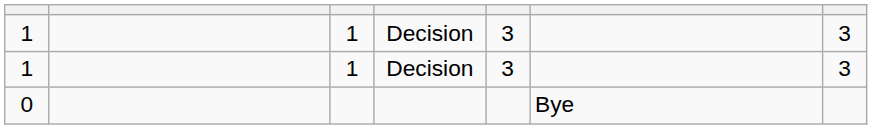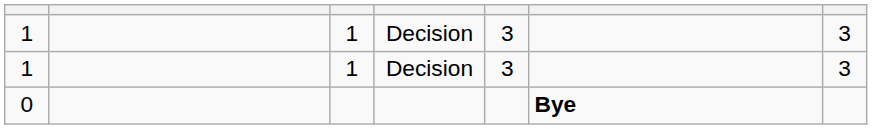 <table class="wikitable" style="text-align: center;">
 <tr>
 <th width=30></th>
 <th width=270></th>
 <th width=30></th>
 <th width=75></th>
 <th width=30></th>
 <th width=270></th>
 <th width=30></th>
 </tr>
 <tr>
 <td>1</td>
 <td align=left><strong></strong></td>
 <td>1</td>
 <td>Decision</td>
 <td>3</td>
 <td align=left></td>
 <td>3</td>
 </tr>
 <tr>
 <td>1</td>
 <td align=left><strong></strong></td>
 <td>1</td>
 <td>Decision</td>
 <td>3</td>
 <td align=left></td>
 <td>3</td>
 </tr>
 <tr>
 <td>0</td>
 <td align=left><strong></strong></td>
 <td></td>
 <td></td>
 <td></td>
-<td align=left>Bye</td>
+<td align=left><strong>Bye</strong></td>
 <td></td>
 </tr>
 </table>
